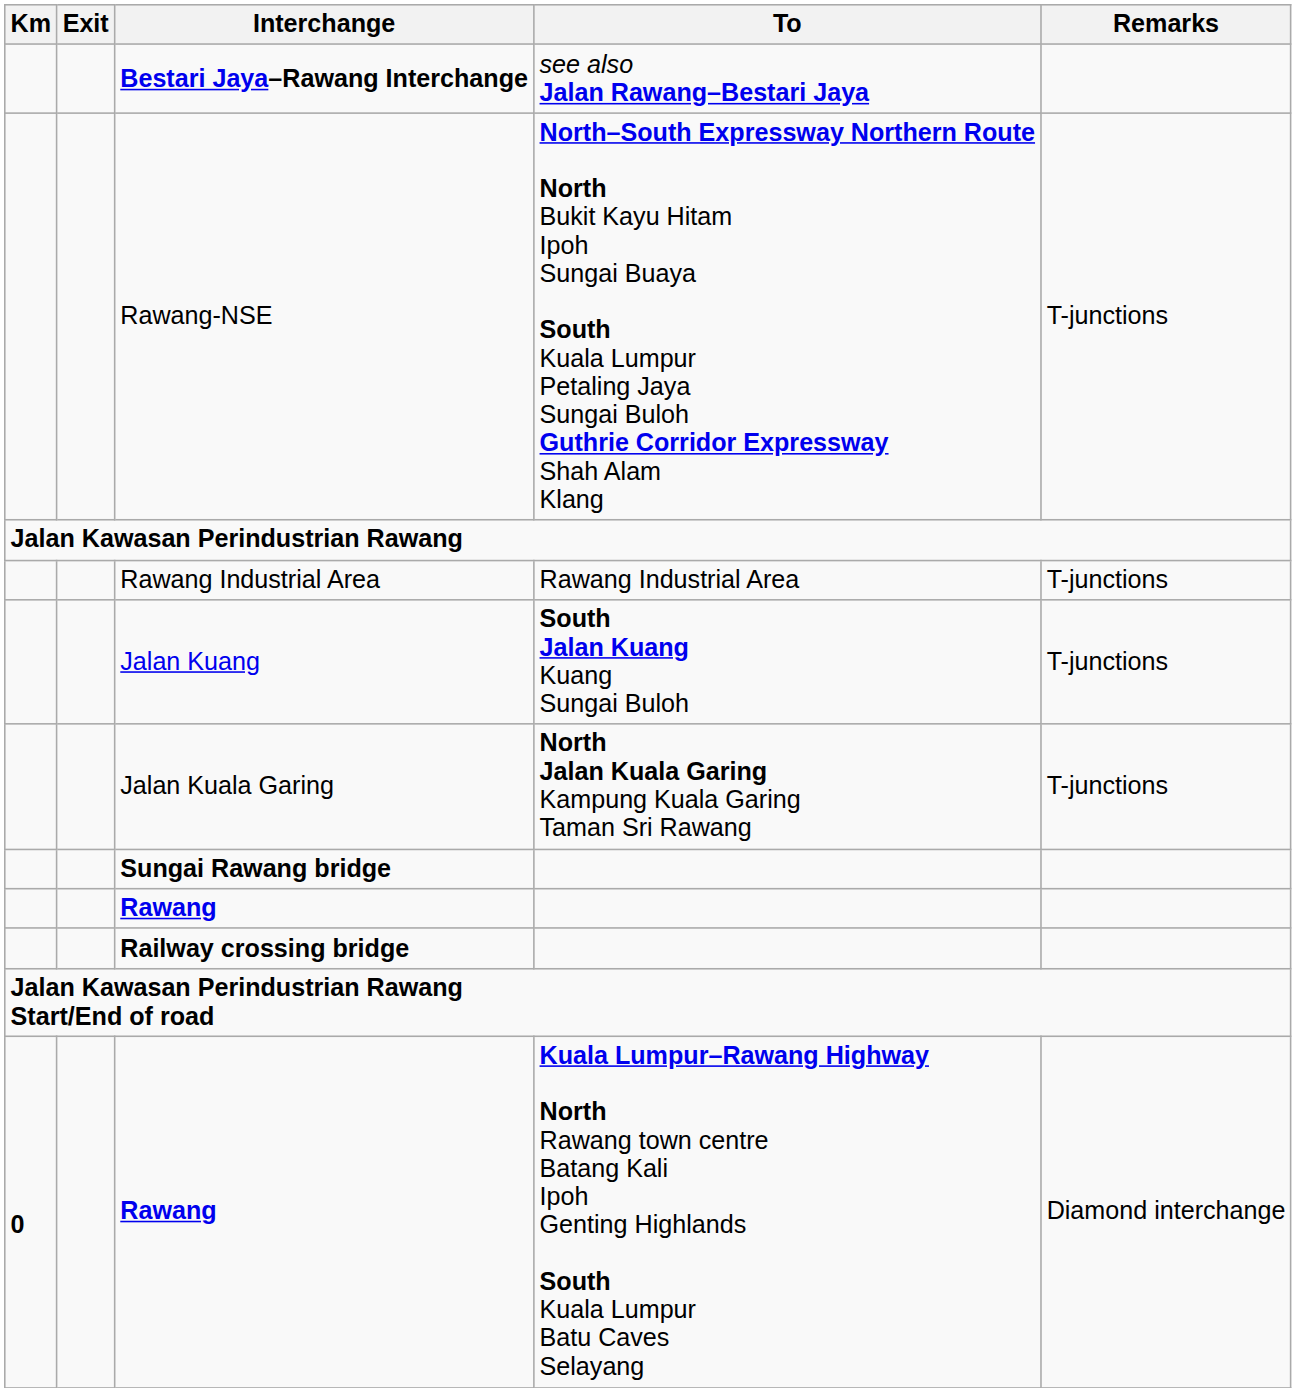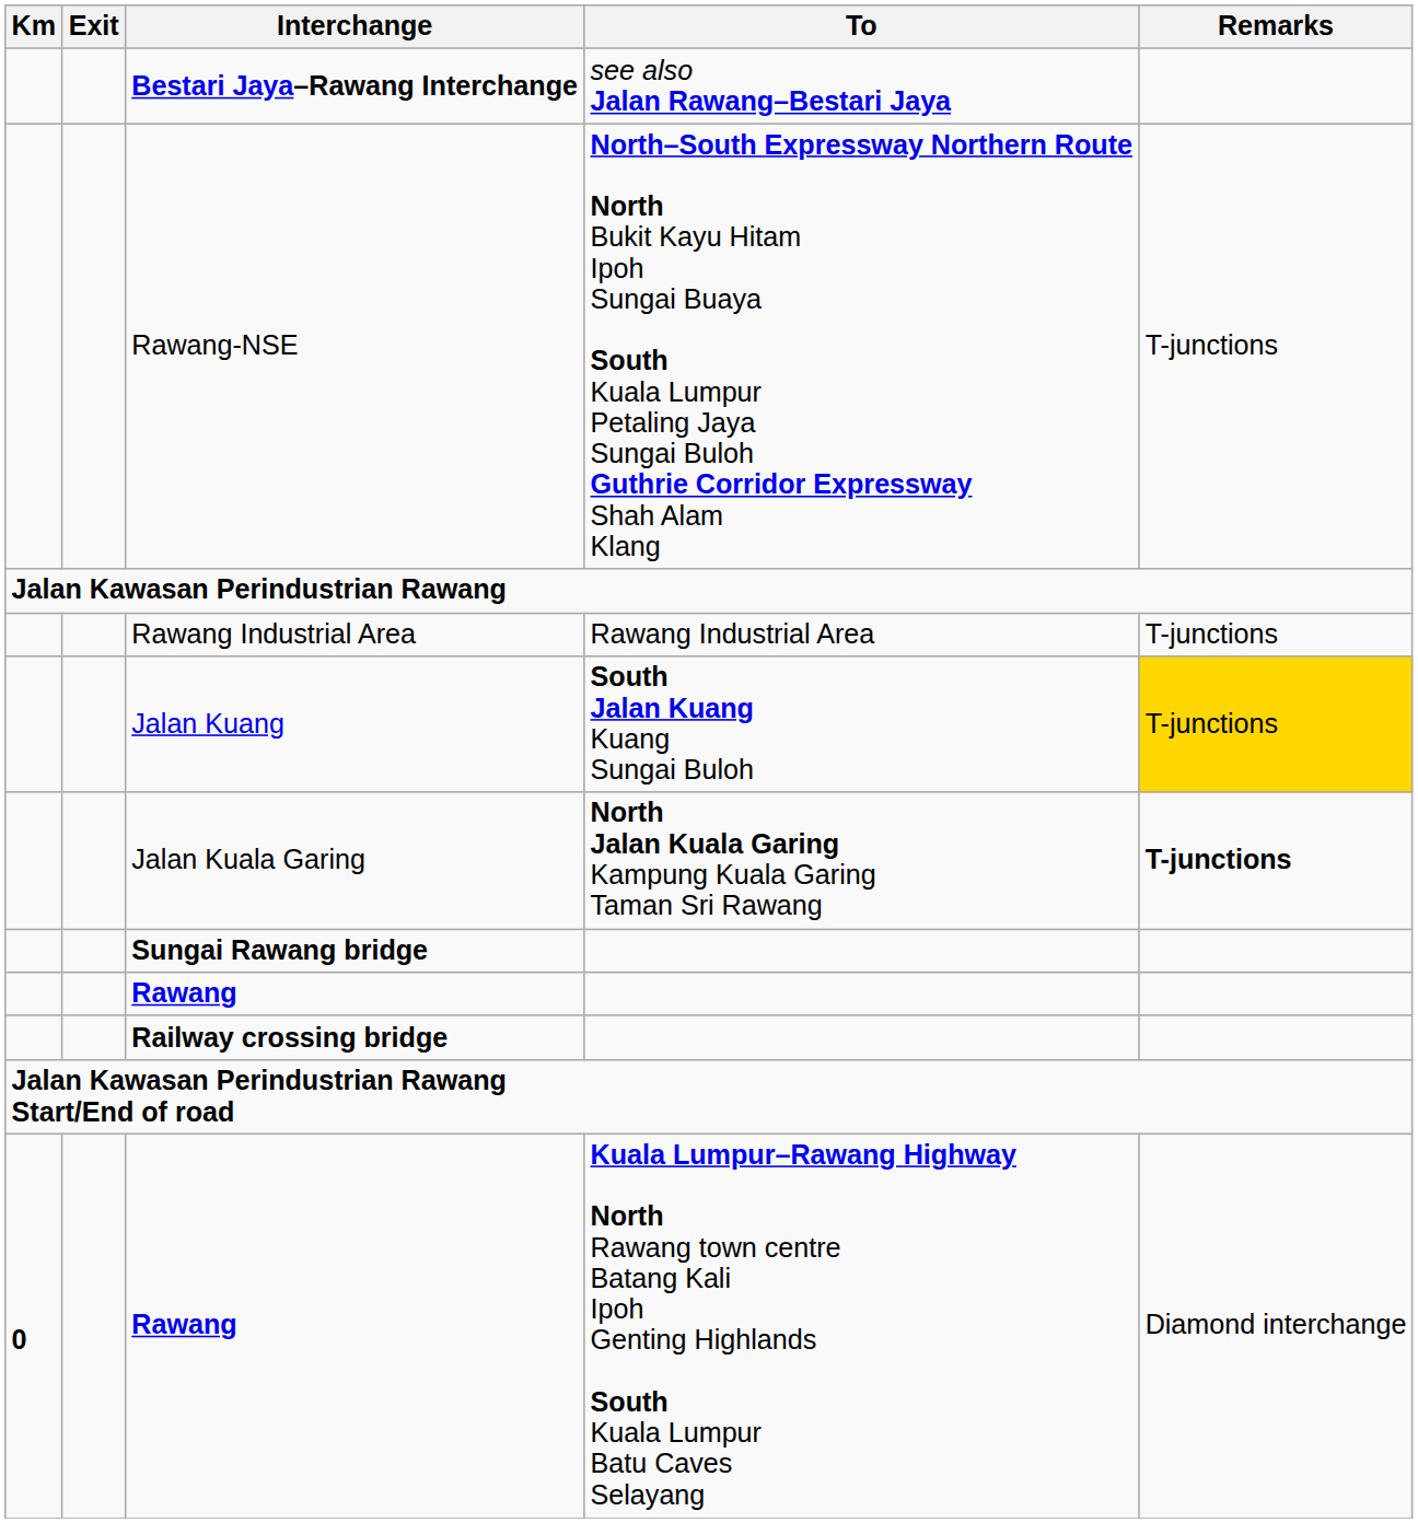 <table class="wikitable">
 <tr>
 <th>Km</th>
 <th>Exit</th>
 <th>Interchange</th>
 <th>To</th>
 <th>Remarks</th>
 </tr>
 <tr>
 <td></td>
 <td></td>
 <td><strong><a href='#'>Bestari Jaya</a>–Rawang Interchange</strong></td>
 <td><em>see also</em><br> <strong><a href='#'>Jalan Rawang–Bestari Jaya</a></strong></td>
 <td></td>
 </tr>
 <tr>
 <td></td>
 <td></td>
 <td>Rawang-NSE</td>
 <td>  <strong><a href='#'>North–South Expressway Northern Route</a></strong><br><br><strong>North</strong><br>Bukit Kayu Hitam<br>Ipoh<br>Sungai Buaya<br><br><strong>South </strong><br>Kuala Lumpur<br>Petaling Jaya<br>Sungai Buloh<br> <strong><a href='#'>Guthrie Corridor Expressway</a></strong><br>Shah Alam<br>Klang</td>
 <td>T-junctions</td>
 </tr>
 <tr>
 <td style="width:600px" colspan="6" style="text-align:center; background: white;"><strong><span>  Jalan Kawasan Perindustrian Rawang</span></strong></td>
 </tr>
 <tr>
 <td></td>
 <td></td>
 <td>Rawang Industrial Area</td>
 <td>Rawang Industrial Area</td>
 <td>T-junctions</td>
 </tr>
 <tr>
 <td></td>
 <td></td>
 <td><a href='#'>Jalan Kuang</a></td>
 <td><strong>South </strong><br> <strong><a href='#'>Jalan Kuang</a></strong><br>Kuang<br>Sungai Buloh</td>
-<td>T-junctions</td>
+<td style="background: gold;">T-junctions</td>
 </tr>
 <tr>
 <td></td>
 <td></td>
 <td>Jalan Kuala Garing</td>
 <td><strong>North</strong><br><strong>Jalan Kuala Garing</strong><br>Kampung Kuala Garing<br>Taman Sri Rawang</td>
-<td>T-junctions</td>
+<td><strong>T-junctions</strong></td>
 </tr>
 <tr>
 <td></td>
 <td></td>
 <td><strong>Sungai Rawang bridge</strong></td>
 <td></td>
 <td></td>
 </tr>
 <tr>
 <td></td>
 <td></td>
 <td><strong><a href='#'>Rawang</a></strong></td>
 <td></td>
 <td></td>
 </tr>
 <tr>
 <td></td>
 <td></td>
 <td><strong>Railway crossing bridge</strong></td>
 <td></td>
 <td></td>
 </tr>
 <tr>
 <td style="width:600px" colspan="6" style="text-align:center; background:white;"><strong><span>  Jalan Kawasan Perindustrian Rawang<br>Start/End of road</span></strong></td>
 </tr>
 <tr>
 <td><br><strong>0</strong></td>
 <td></td>
 <td><strong><a href='#'>Rawang</a></strong></td>
 <td> <strong><a href='#'>Kuala Lumpur–Rawang Highway</a></strong><br><br><strong>North</strong><br> Rawang town centre<br> Batang Kali<br> Ipoh<br> Genting Highlands<br><br><strong>South </strong><br> Kuala Lumpur<br> Batu Caves<br> Selayang</td>
 <td>Diamond interchange</td>
 </tr>
 </table>
